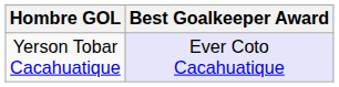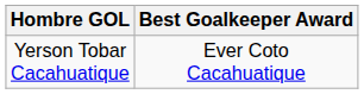 <table class="wikitable" style="margin: 0 auto;">
 <tr>
 <th>Hombre GOL</th>
 <th>Best Goalkeeper Award</th>
 </tr>
 <tr>
 <td align=center> Yerson Tobar <br> <a href='#'>Cacahuatique</a></td>
-<td align=center style="background: lavender;"> Ever Coto <br> <a href='#'>Cacahuatique</a></td>
+<td align=center> Ever Coto <br> <a href='#'>Cacahuatique</a></td>
 </tr>
 </table>
